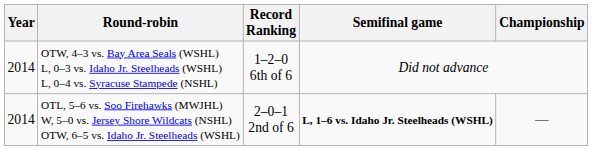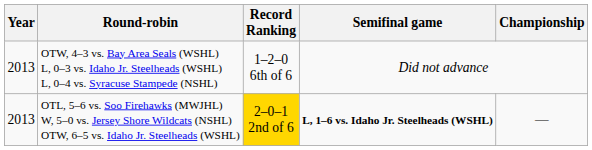 <table class="wikitable" style="text-align:center">
 <tr>
 <th>Year</th>
 <th>Round-robin</th>
 <th>Record <br> Ranking</th>
 <th>Semifinal game</th>
 <th>Championship</th>
 </tr>
 <tr>
-<td>2014</td>
+<td>2013</td>
 <td align=left><small>OTW, 4–3 vs. <a href='#'>Bay Area Seals</a> (WSHL)<br>L, 0–3 vs. <a href='#'>Idaho Jr. Steelheads</a> (WSHL)<br>L, 0–4 vs. <a href='#'>Syracuse Stampede</a> (NSHL)</small></td>
 <td>1–2–0<br>6th of 6</td>
 <td colspan=2><em>Did not advance</em></td>
 </tr>
 <tr>
-<td>2014</td>
+<td>2013</td>
 <td align=left><small>OTL, 5–6 vs. <a href='#'>Soo Firehawks</a> (MWJHL)<br>W, 5–0 vs. <a href='#'>Jersey Shore Wildcats</a> (NSHL)<br>OTW, 6–5 vs. <a href='#'>Idaho Jr. Steelheads</a> (WSHL)</small></td>
-<td>2–0–1<br>2nd of 6</td>
+<td style="background: gold;">2–0–1<br>2nd of 6</td>
 <td><strong><small>L, 1–6 vs. Idaho Jr. Steelheads (WSHL)</small></strong></td>
 <td>—</td>
 </tr>
 </table>
